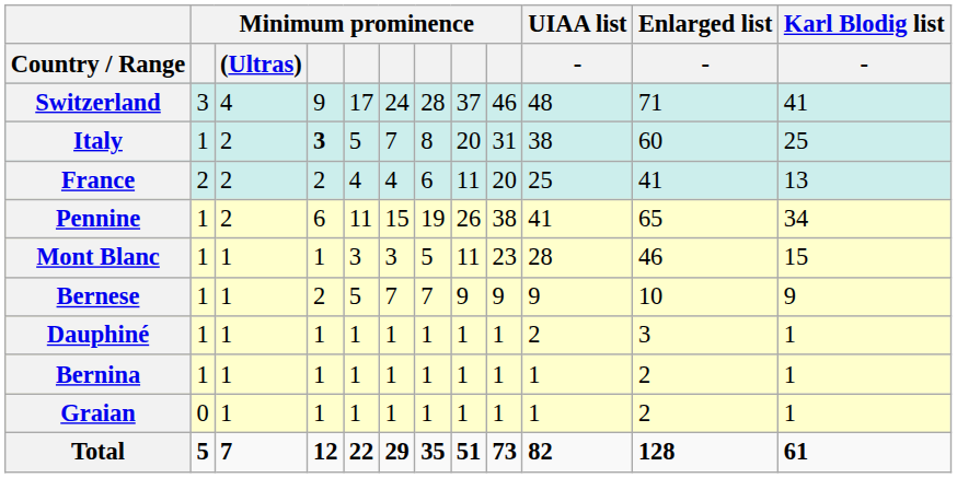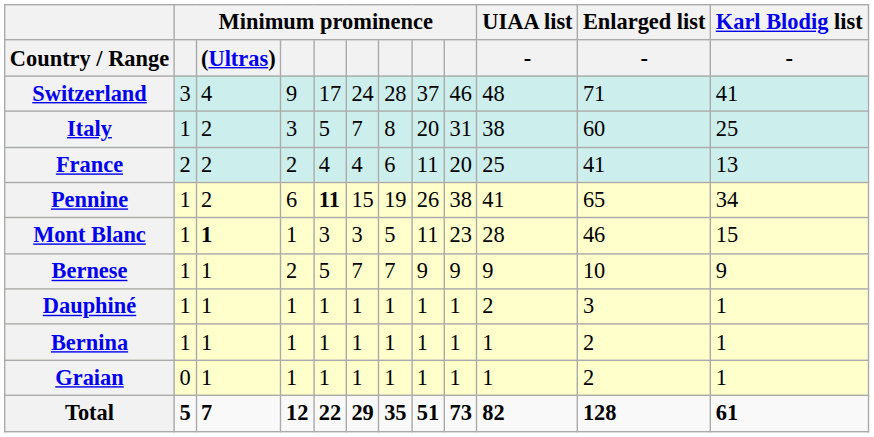 <table class="wikitable">
 <tr>
 <th align=left></th>
 <th align=left colspan="8">Minimum prominence</th>
 <th align=left>UIAA list</th>
 <th align=left>Enlarged list</th>
 <th align=left><a href='#'>Karl Blodig</a> list</th>
 </tr>
 <tr>
 <th align=left>Country / Range</th>
 <th align=left></th>
 <th align left> (<a href='#'>Ultras</a>)</th>
 <th align=left></th>
 <th align=left></th>
 <th align=left></th>
 <th align=left></th>
 <th align=left></th>
 <th align=left></th>
 <th align=left>-</th>
 <th align=left>-</th>
 <th align=left>-</th>
 </tr>
 <tr style="background-color:#CCEEEC;">
 <th><a href='#'>Switzerland</a></th>
 <td>3</td>
 <td>4</td>
 <td>9</td>
 <td>17</td>
 <td>24</td>
 <td>28</td>
 <td>37</td>
 <td>46</td>
 <td>48</td>
 <td>71</td>
 <td>41</td>
 </tr>
 <tr style="background-color:#CCEEEC;">
 <th><a href='#'>Italy</a></th>
 <td>1</td>
 <td>2</td>
-<td><strong>3</strong></td>
+<td>3</td>
 <td>5</td>
 <td>7</td>
 <td>8</td>
 <td>20</td>
 <td>31</td>
 <td>38</td>
 <td>60</td>
 <td>25</td>
 </tr>
 <tr style="background-color:#CCEEEC;">
 <th><a href='#'>France</a></th>
 <td>2</td>
 <td>2</td>
 <td>2</td>
 <td>4</td>
 <td>4</td>
 <td>6</td>
 <td>11</td>
 <td>20</td>
 <td>25</td>
 <td>41</td>
 <td>13</td>
 </tr>
 <tr style="background-color:#ffffcc;">
 <th><a href='#'>Pennine</a></th>
 <td>1</td>
 <td>2</td>
 <td>6</td>
-<td>11</td>
+<td><strong>11</strong></td>
 <td>15</td>
 <td>19</td>
 <td>26</td>
 <td>38</td>
 <td>41</td>
 <td>65</td>
 <td>34</td>
 </tr>
 <tr style="background-color:#ffffcc;">
 <th><a href='#'>Mont Blanc</a></th>
 <td>1</td>
-<td>1</td>
+<td><strong>1</strong></td>
 <td>1</td>
 <td>3</td>
 <td>3</td>
 <td>5</td>
 <td>11</td>
 <td>23</td>
 <td>28</td>
 <td>46</td>
 <td>15</td>
 </tr>
 <tr style="background-color:#ffffcc;">
 <th><a href='#'>Bernese</a></th>
 <td>1</td>
 <td>1</td>
 <td>2</td>
 <td>5</td>
 <td>7</td>
 <td>7</td>
 <td>9</td>
 <td>9</td>
 <td>9</td>
 <td>10</td>
 <td>9</td>
 </tr>
 <tr style="background-color:#ffffcc;">
 <th><a href='#'>Dauphiné</a></th>
 <td>1</td>
 <td>1</td>
 <td>1</td>
 <td>1</td>
 <td>1</td>
 <td>1</td>
 <td>1</td>
 <td>1</td>
 <td>2</td>
 <td>3</td>
 <td>1</td>
 </tr>
 <tr style="background-color:#ffffcc;">
 <th><a href='#'>Bernina</a></th>
 <td>1</td>
 <td>1</td>
 <td>1</td>
 <td>1</td>
 <td>1</td>
 <td>1</td>
 <td>1</td>
 <td>1</td>
 <td>1</td>
 <td>2</td>
 <td>1</td>
 </tr>
 <tr style="background-color:#ffffcc;">
 <th><a href='#'>Graian</a></th>
 <td>0</td>
 <td>1</td>
 <td>1</td>
 <td>1</td>
 <td>1</td>
 <td>1</td>
 <td>1</td>
 <td>1</td>
 <td>1</td>
 <td>2</td>
 <td>1</td>
 </tr>
 <tr>
 <th>Total</th>
 <td><strong>5</strong></td>
 <td><strong>7</strong></td>
 <td><strong>12</strong></td>
 <td><strong>22</strong></td>
 <td><strong>29</strong></td>
 <td><strong>35</strong></td>
 <td><strong>51</strong></td>
 <td><strong>73</strong></td>
 <td><strong>82</strong></td>
 <td><strong>128</strong></td>
 <td><strong>61</strong></td>
 </tr>
 </table>
